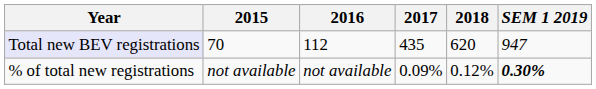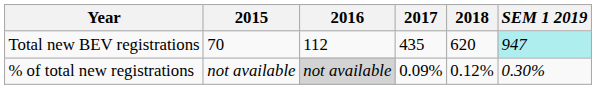 <table class="wikitable">
 <tr>
 <th>Year</th>
 <th>2015</th>
 <th>2016</th>
 <th>2017</th>
 <th>2018</th>
 <th><em>SEM 1 2019</em></th>
 </tr>
 <tr>
-<td style="background: lavender;">Total new BEV registrations</td>
+<td>Total new BEV registrations</td>
 <td>70</td>
 <td>112</td>
 <td>435</td>
 <td>620</td>
-<td><em>947</em></td>
+<td style="background: paleturquoise;"><em>947</em></td>
 </tr>
 <tr>
 <td>% of total new registrations</td>
 <td><em>not available</em></td>
-<td><em>not available</em></td>
+<td style="background: lightgrey;"><em>not available</em></td>
 <td>0.09%</td>
 <td>0.12%</td>
-<td><strong><em>0.30%</em></strong></td>
+<td><em>0.30%</em></td>
 </tr>
 </table>
